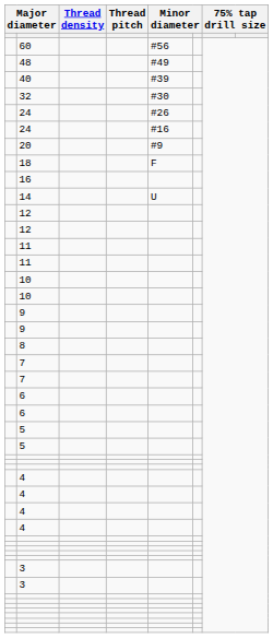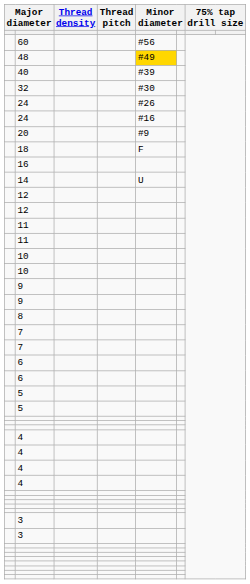 <table class="wikitable">
 <tr>
 <th colspan=2>Major<br>diameter</th>
 <th><a href='#'>Thread<br>density</a></th>
 <th>Thread<br>pitch</th>
 <th colspan=2>Minor<br>diameter</th>
 <th colspan=2>75% tap<br>drill size</th>
 </tr>
 <tr>
 <th scope="col"></th>
 <th scope="col"></th>
 <th scope="col"></th>
 <th scope="col"></th>
 <th scope="col"></th>
 <th scope="col"></th>
 <th scope="col"></th>
 <th scope="col"></th>
 </tr>
 <tr>
 <td></td>
 <td>60</td>
 <td></td>
 <td></td>
 <td>#56</td>
 <td></td>
 </tr>
 <tr>
 <td></td>
 <td>48</td>
 <td></td>
 <td></td>
-<td>#49</td>
+<td style="background: gold;">#49</td>
 <td></td>
 </tr>
 <tr>
 <td></td>
 <td>40</td>
 <td></td>
 <td></td>
 <td>#39</td>
 <td></td>
 </tr>
 <tr>
 <td></td>
 <td>32</td>
 <td></td>
 <td></td>
 <td>#30</td>
 <td></td>
 </tr>
 <tr>
 <td></td>
 <td>24</td>
 <td></td>
 <td></td>
 <td>#26</td>
 <td></td>
 </tr>
 <tr>
 <td></td>
 <td>24</td>
 <td></td>
 <td></td>
 <td>#16</td>
 <td></td>
 </tr>
 <tr>
 <td></td>
 <td>20</td>
 <td></td>
 <td></td>
 <td>#9</td>
 <td></td>
 </tr>
 <tr>
 <td></td>
 <td>18</td>
 <td></td>
 <td></td>
 <td>F</td>
 <td></td>
 </tr>
 <tr>
 <td></td>
 <td>16</td>
 <td></td>
 <td></td>
 <td></td>
 <td></td>
 </tr>
 <tr>
 <td></td>
 <td>14</td>
 <td></td>
 <td></td>
 <td>U</td>
 <td></td>
 </tr>
 <tr>
 <td></td>
 <td>12</td>
 <td></td>
 <td></td>
 <td></td>
 <td></td>
 </tr>
 <tr>
 <td></td>
 <td>12</td>
 <td></td>
 <td></td>
 <td></td>
 <td></td>
 </tr>
 <tr>
 <td></td>
 <td>11</td>
 <td></td>
 <td></td>
 <td></td>
 <td></td>
 </tr>
 <tr>
 <td></td>
 <td>11</td>
 <td></td>
 <td></td>
 <td></td>
 <td></td>
 </tr>
 <tr>
 <td></td>
 <td>10</td>
 <td></td>
 <td></td>
 <td></td>
 <td></td>
 </tr>
 <tr>
 <td></td>
 <td>10</td>
 <td></td>
 <td></td>
 <td></td>
 <td></td>
 </tr>
 <tr>
 <td></td>
 <td>9</td>
 <td></td>
 <td></td>
 <td></td>
 <td></td>
 </tr>
 <tr>
 <td></td>
 <td>9</td>
 <td></td>
 <td></td>
 <td></td>
 <td></td>
 </tr>
 <tr>
 <td></td>
 <td>8</td>
 <td></td>
 <td></td>
 <td></td>
 <td></td>
 </tr>
 <tr>
 <td></td>
 <td>7</td>
 <td></td>
 <td></td>
 <td></td>
 <td></td>
 </tr>
 <tr>
 <td></td>
 <td>7</td>
 <td></td>
 <td></td>
 <td></td>
 <td></td>
 </tr>
 <tr>
 <td></td>
 <td>6</td>
 <td></td>
 <td></td>
 <td></td>
 <td></td>
 </tr>
 <tr>
 <td></td>
 <td>6</td>
 <td></td>
 <td></td>
 <td></td>
 <td></td>
 </tr>
 <tr>
 <td></td>
 <td>5</td>
 <td></td>
 <td></td>
 <td></td>
 <td></td>
 </tr>
 <tr>
 <td></td>
 <td>5</td>
 <td></td>
 <td></td>
 <td></td>
 <td></td>
 </tr>
 <tr>
 <td></td>
 <td></td>
 <td></td>
 <td></td>
 <td></td>
 <td></td>
 </tr>
 <tr>
 <td></td>
 <td></td>
 <td></td>
 <td></td>
 <td></td>
 <td></td>
 </tr>
 <tr>
 <td></td>
 <td></td>
 <td></td>
 <td></td>
 <td></td>
 <td></td>
 </tr>
 <tr>
 <td></td>
 <td>4</td>
 <td></td>
 <td></td>
 <td></td>
 <td></td>
 </tr>
 <tr>
 <td></td>
 <td>4</td>
 <td></td>
 <td></td>
 <td></td>
 <td></td>
 </tr>
 <tr>
 <td></td>
 <td>4</td>
 <td></td>
 <td></td>
 <td></td>
 <td></td>
 </tr>
 <tr>
 <td></td>
 <td>4</td>
 <td></td>
 <td></td>
 <td></td>
 <td></td>
 </tr>
 <tr>
 <td></td>
 <td></td>
 <td></td>
 <td></td>
 <td></td>
 <td></td>
 </tr>
 <tr>
 <td></td>
 <td></td>
 <td></td>
 <td></td>
 <td></td>
 <td></td>
 </tr>
 <tr>
 <td></td>
 <td></td>
 <td></td>
 <td></td>
 <td></td>
 <td></td>
 </tr>
 <tr>
 <td></td>
 <td></td>
 <td></td>
 <td></td>
 <td></td>
 <td></td>
 </tr>
 <tr>
 <td></td>
 <td></td>
 <td></td>
 <td></td>
 <td></td>
 <td></td>
 </tr>
 <tr>
 <td></td>
 <td>3</td>
 <td></td>
 <td></td>
 <td></td>
 <td></td>
 </tr>
 <tr>
 <td></td>
 <td>3</td>
 <td></td>
 <td></td>
 <td></td>
 <td></td>
 </tr>
 <tr>
 <td></td>
 <td></td>
 <td></td>
 <td></td>
 <td></td>
 <td></td>
 </tr>
 <tr>
 <td></td>
 <td></td>
 <td></td>
 <td></td>
 <td></td>
 <td></td>
 </tr>
 <tr>
 <td></td>
 <td></td>
 <td></td>
 <td></td>
 <td></td>
 <td></td>
 </tr>
 <tr>
 <td></td>
 <td></td>
 <td></td>
 <td></td>
 <td></td>
 <td></td>
 </tr>
 <tr>
 <td></td>
 <td></td>
 <td></td>
 <td></td>
 <td></td>
 <td></td>
 </tr>
 <tr>
 <td></td>
 <td></td>
 <td></td>
 <td></td>
 <td></td>
 <td></td>
 </tr>
 <tr>
 <td></td>
 <td></td>
 <td></td>
 <td></td>
 <td></td>
 <td></td>
 </tr>
 <tr>
 <td></td>
 <td></td>
 <td></td>
 <td></td>
 <td></td>
 <td></td>
 </tr>
 </table>
